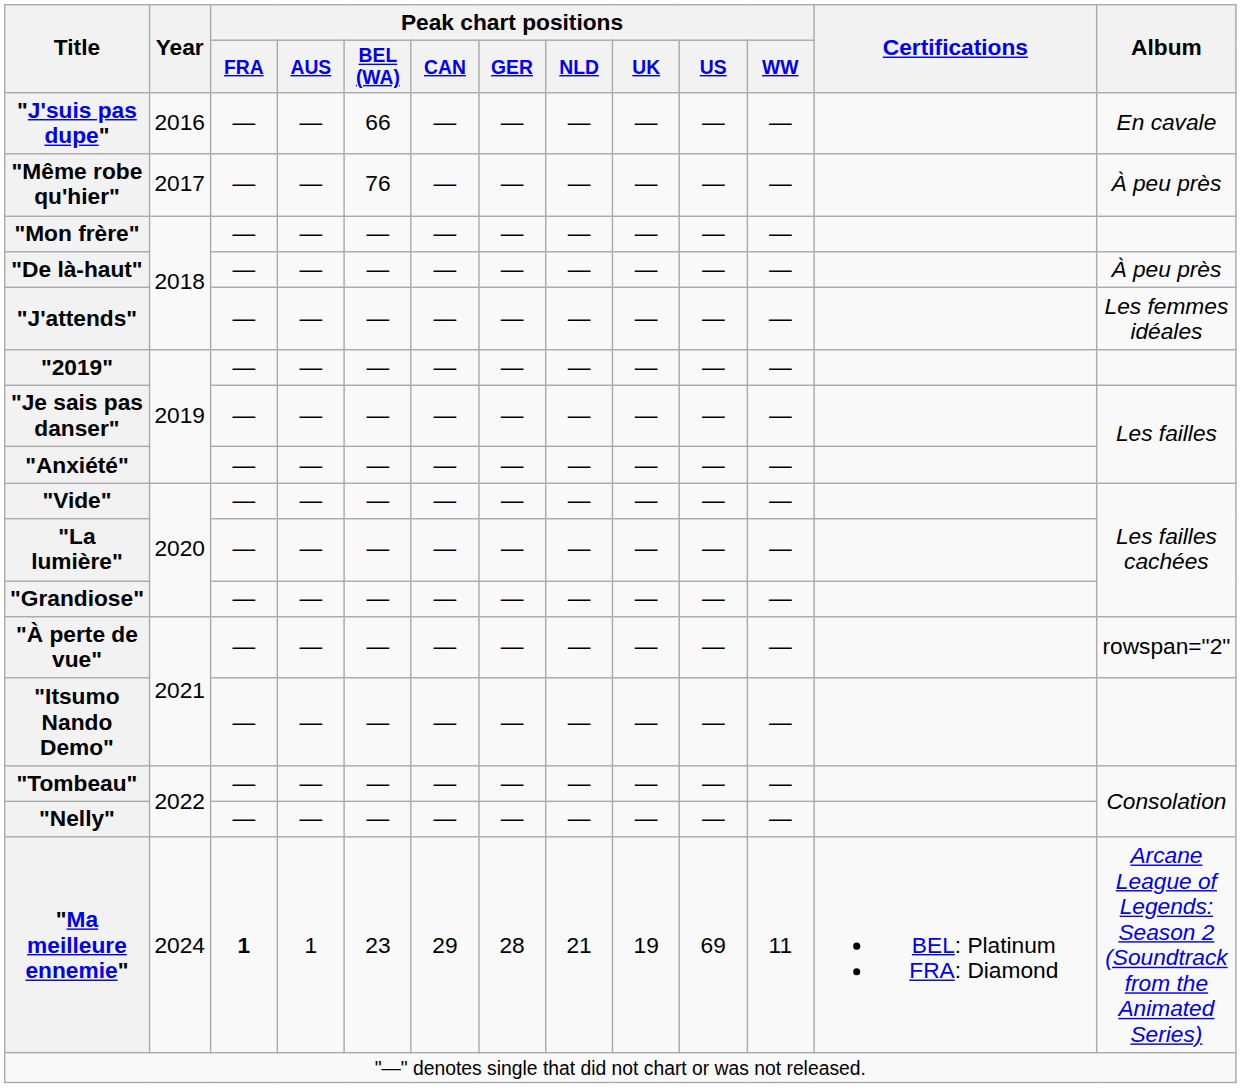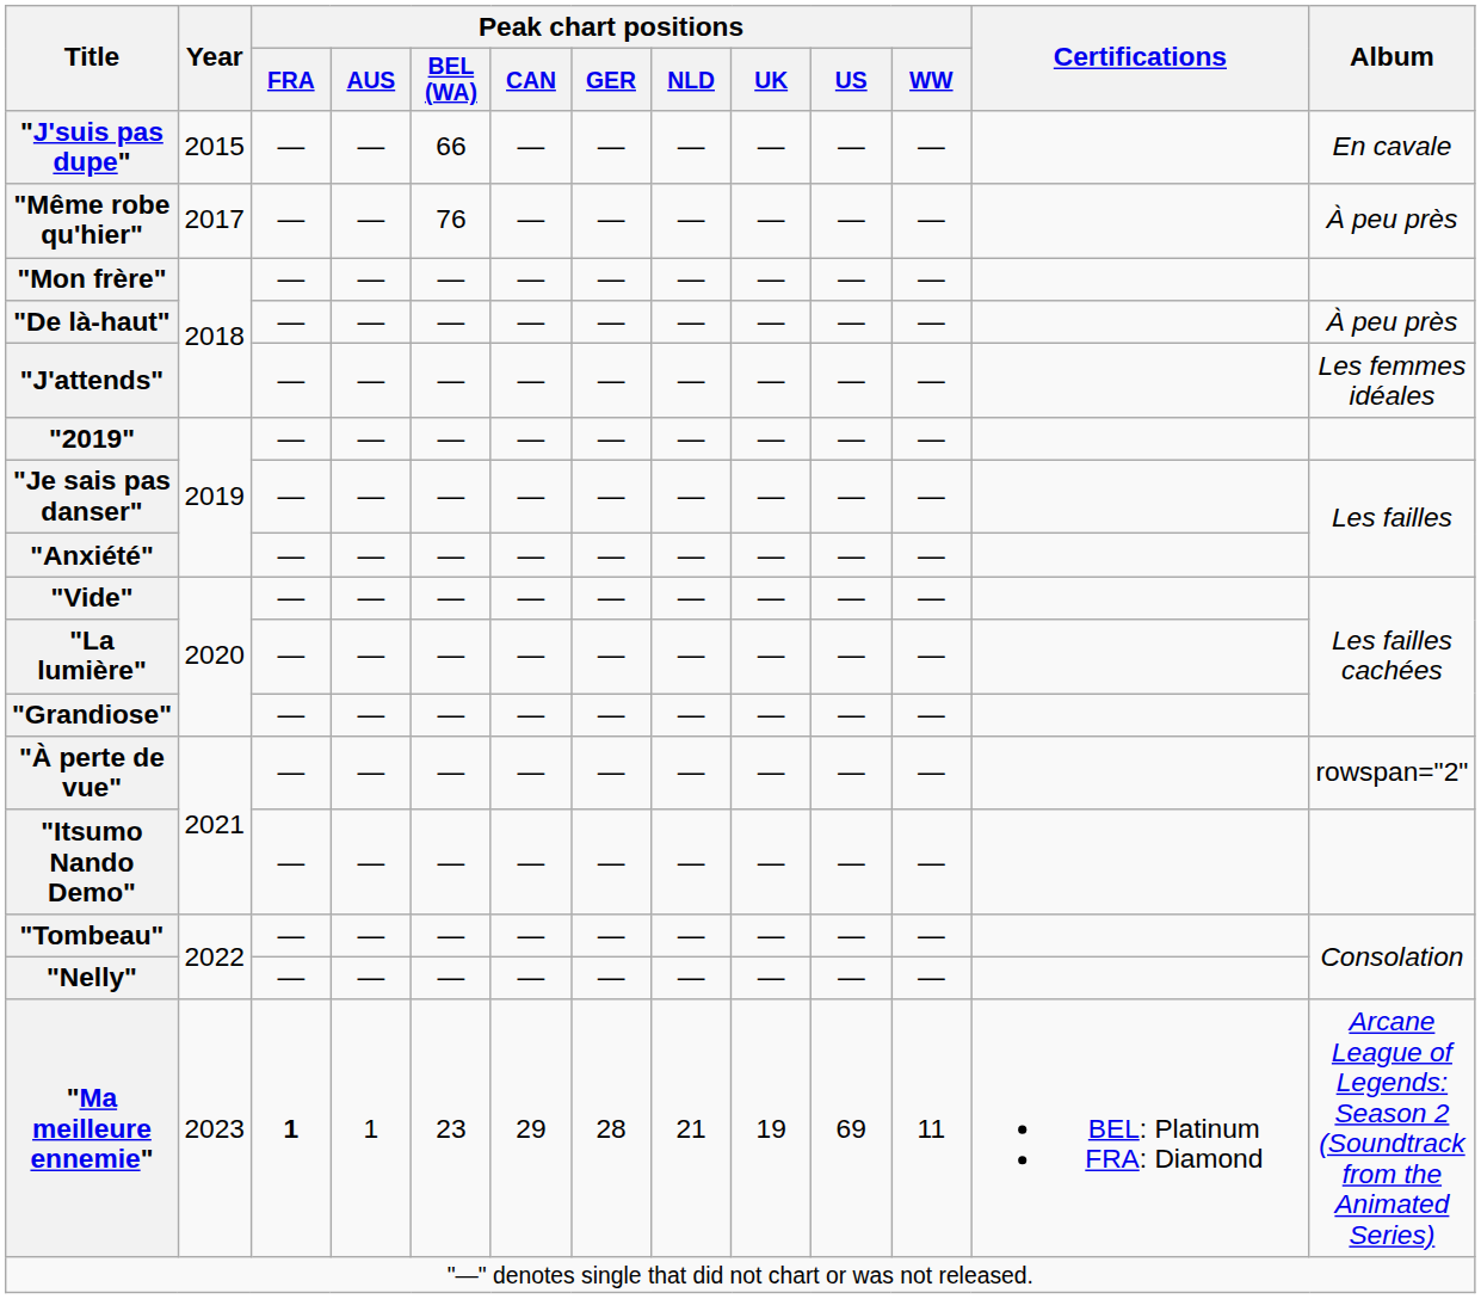 <table class="wikitable plainrowheaders" style="text-align:center;">
 <tr>
 <th scope="col" rowspan="2">Title</th>
 <th scope="col" rowspan="2">Year</th>
 <th scope="col" colspan="9">Peak chart positions</th>
 <th scope="col" rowspan="2" style="width:12em;"><a href='#'>Certifications</a></th>
 <th scope="col" rowspan="2">Album</th>
 </tr>
 <tr>
 <th scope="col" style="width:3em;font-size:85%;"><a href='#'>FRA</a><br></th>
 <th scope="col" style="width:3em;font-size:85%;"><a href='#'>AUS</a><br></th>
 <th scope="col" style="width:3em;font-size:85%;"><a href='#'>BEL<br>(WA)</a><br></th>
 <th scope="col" style="width:3em;font-size:85%;"><a href='#'>CAN</a><br></th>
 <th scope="col" style="width:3em;font-size:85%;"><a href='#'>GER</a><br></th>
 <th scope="col" style="width:3em;font-size:85%;"><a href='#'>NLD</a><br></th>
 <th scope="col" style="width:3em;font-size:85%;"><a href='#'>UK</a><br></th>
 <th scope="col" style="width:3em;font-size:85%;"><a href='#'>US</a><br></th>
 <th scope="col" style="width:3em;font-size:85%;"><a href='#'>WW</a><br></th>
 </tr>
 <tr>
 <th scope="row">"<a href='#'>J'suis pas dupe</a>"</th>
-<td>2016</td>
+<td>2015</td>
 <td>—</td>
 <td>—</td>
 <td>66</td>
 <td>—</td>
 <td>—</td>
 <td>—</td>
 <td>—</td>
 <td>—</td>
 <td>—</td>
 <td></td>
 <td><em>En cavale</em></td>
 </tr>
 <tr>
 <th scope="row">"Même robe qu'hier"</th>
 <td>2017</td>
 <td>—</td>
 <td>—</td>
 <td>76</td>
 <td>—</td>
 <td>—</td>
 <td>—</td>
 <td>—</td>
 <td>—</td>
 <td>—</td>
 <td></td>
 <td><em>À peu près</em></td>
 </tr>
 <tr>
 <th scope="row">"Mon frère" </th>
 <td rowspan="3">2018</td>
 <td>—</td>
 <td>—</td>
 <td>—</td>
 <td>—</td>
 <td>—</td>
 <td>—</td>
 <td>—</td>
 <td>—</td>
 <td>—</td>
 <td></td>
 <td></td>
 </tr>
 <tr>
 <th scope="row">"De là-haut" </th>
 <td>—</td>
 <td>—</td>
 <td>—</td>
 <td>—</td>
 <td>—</td>
 <td>—</td>
 <td>—</td>
 <td>—</td>
 <td>—</td>
 <td></td>
 <td><em>À peu près</em></td>
 </tr>
 <tr>
 <th scope="row">"J'attends" </th>
 <td>—</td>
 <td>—</td>
 <td>—</td>
 <td>—</td>
 <td>—</td>
 <td>—</td>
 <td>—</td>
 <td>—</td>
 <td>—</td>
 <td></td>
 <td><em>Les femmes idéales</em></td>
 </tr>
 <tr>
 <th scope="row">"2019"</th>
 <td rowspan="3">2019</td>
 <td>—</td>
 <td>—</td>
 <td>—</td>
 <td>—</td>
 <td>—</td>
 <td>—</td>
 <td>—</td>
 <td>—</td>
 <td>—</td>
 <td></td>
 <td></td>
 </tr>
 <tr>
 <th scope="row">"Je sais pas danser"</th>
 <td>—</td>
 <td>—</td>
 <td>—</td>
 <td>—</td>
 <td>—</td>
 <td>—</td>
 <td>—</td>
 <td>—</td>
 <td>—</td>
 <td></td>
 <td rowspan="2"><em>Les failles</em></td>
 </tr>
 <tr>
 <th scope="row">"Anxiété"</th>
 <td>—</td>
 <td>—</td>
 <td>—</td>
 <td>—</td>
 <td>—</td>
 <td>—</td>
 <td>—</td>
 <td>—</td>
 <td>—</td>
 <td></td>
 </tr>
 <tr>
 <th scope="row">"Vide"</th>
 <td rowspan="3">2020</td>
 <td>—</td>
 <td>—</td>
 <td>—</td>
 <td>—</td>
 <td>—</td>
 <td>—</td>
 <td>—</td>
 <td>—</td>
 <td>—</td>
 <td></td>
 <td rowspan="3"><em>Les failles cachées</em></td>
 </tr>
 <tr>
 <th scope="row">"La lumière"</th>
 <td>—</td>
 <td>—</td>
 <td>—</td>
 <td>—</td>
 <td>—</td>
 <td>—</td>
 <td>—</td>
 <td>—</td>
 <td>—</td>
 <td></td>
 </tr>
 <tr>
 <th scope="row">"Grandiose"</th>
 <td>—</td>
 <td>—</td>
 <td>—</td>
 <td>—</td>
 <td>—</td>
 <td>—</td>
 <td>—</td>
 <td>—</td>
 <td>—</td>
 <td></td>
 </tr>
 <tr>
 <th scope="row">"À perte de vue"</th>
 <td rowspan="2">2021</td>
 <td>—</td>
 <td>—</td>
 <td>—</td>
 <td>—</td>
 <td>—</td>
 <td>—</td>
 <td>—</td>
 <td>—</td>
 <td>—</td>
 <td></td>
 <td>rowspan="2" </td>
 </tr>
 <tr>
 <th scope="row">"Itsumo Nando Demo"</th>
 <td>—</td>
 <td>—</td>
 <td>—</td>
 <td>—</td>
 <td>—</td>
 <td>—</td>
 <td>—</td>
 <td>—</td>
 <td>—</td>
 <td></td>
 </tr>
 <tr>
 <th scope="row">"Tombeau"</th>
 <td rowspan="2">2022</td>
 <td>—</td>
 <td>—</td>
 <td>—</td>
 <td>—</td>
 <td>—</td>
 <td>—</td>
 <td>—</td>
 <td>—</td>
 <td>—</td>
 <td></td>
 <td rowspan="2"><em>Consolation</em></td>
 </tr>
 <tr>
 <th scope="row">"Nelly"</th>
 <td>—</td>
 <td>—</td>
 <td>—</td>
 <td>—</td>
 <td>—</td>
 <td>—</td>
 <td>—</td>
 <td>—</td>
 <td>—</td>
 <td></td>
 </tr>
 <tr>
 <th scope="row">"<a href='#'>Ma meilleure ennemie</a>"<br></th>
-<td>2024</td>
+<td>2023</td>
 <td><strong>1</strong></td>
 <td>1</td>
 <td>23</td>
 <td>29</td>
 <td>28</td>
 <td>21</td>
 <td>19</td>
 <td>69</td>
 <td>11</td>
 <td><br><ul><li><a href='#'>BEL</a>: Platinum</li><li><a href='#'>FRA</a>: Diamond</li></ul></td>
 <td><em><a href='#'>Arcane League of Legends: Season 2 (Soundtrack from the Animated Series)</a></em></td>
 </tr>
 <tr>
 <td colspan="14" style="font-size:85%">"—" denotes single that did not chart or was not released.</td>
 </tr>
 </table>
